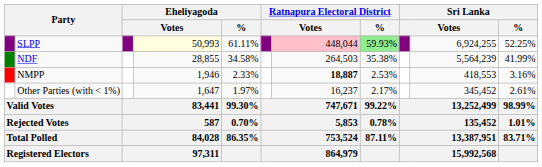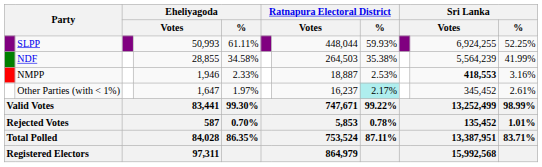 <table class="wikitable">
 <tr>
 <th colspan="2" width="144px"rowspan="2">Party</th>
 <th colspan="3" width="216px">Eheliyagoda</th>
 <th colspan="3" width="216px"><a href='#'>Ratnapura Electoral District</a></th>
 <th colspan="3" width="216px">Sri Lanka</th>
 </tr>
 <tr>
 <th colspan="2" width="144px">Votes</th>
 <th>%</th>
 <th colspan="2" width="144px">Votes</th>
 <th>%</th>
 <th colspan="2" width="144px">Votes</th>
 <th>%</th>
 </tr>
 <tr>
 <td style="background-color:purple;" width="10px"></td>
 <td style="text-align:left;"><a href='#'>SLPP</a></td>
 <td style="background-color:purple;" width="10px"></td>
-<td style="background: lightyellow; text-align:right;">50,993</td>
+<td style="text-align:right;">50,993</td>
 <td style="text-align:right;">61.11%</td>
 <td style="background-color:purple;" width="10px"></td>
-<td style="background: pink; text-align:right;">448,044</td>
-<td style="background: lightgreen; text-align:right;">59.93%</td>
+<td style="text-align:right;">448,044</td>
+<td style="text-align:right;">59.93%</td>
 <td style="background-color:purple;" width="10px"></td>
 <td style="text-align:right;">6,924,255</td>
 <td style="text-align:right;">52.25%</td>
 </tr>
 <tr>
 <td style="background-color:green;" width="10px"></td>
 <td style="text-align:left;"><a href='#'>NDF</a></td>
 <td style="background-color:white;" width="10px"></td>
 <td style="text-align:right;">28,855</td>
 <td style="text-align:right;">34.58%</td>
 <td style="background-color:white;" width="10px"></td>
 <td style="text-align:right;">264,503</td>
 <td style="text-align:right;">35.38%</td>
 <td style="background-color:white;" width="10px"></td>
 <td style="text-align:right;">5,564,239</td>
 <td style="text-align:right;">41.99%</td>
 </tr>
 <tr>
 <td style="background-color:red;" width="10px"></td>
 <td style="text-align:left;">NMPP</td>
 <td style="background-color:white;" width="10px"></td>
 <td style="text-align:right;">1,946</td>
 <td style="text-align:right;">2.33%</td>
 <td style="background-color:white;" width="10px"></td>
-<td style="text-align:right;"><strong>18,887</strong></td>
+<td style="text-align:right;">18,887</td>
 <td style="text-align:right;">2.53%</td>
 <td style="background-color:white;" width="10px"></td>
-<td style="text-align:right;">418,553</td>
+<td style="text-align:right;"><strong>418,553</strong></td>
 <td style="text-align:right;">3.16%</td>
 </tr>
 <tr>
 <td style="background-color:white;" width="10px"></td>
 <td style="text-align:left;">Other Parties (with < 1%)</td>
 <td style="background-color:white;" width="10px"></td>
 <td style="text-align:right;">1,647</td>
 <td style="text-align:right;">1.97%</td>
 <td style="background-color:white;" width="10px"></td>
 <td style="text-align:right;">16,237</td>
-<td style="text-align:right;">2.17%</td>
+<td style="background: paleturquoise; text-align:right;">2.17%</td>
 <td style="background-color:white;" width="10px"></td>
 <td style="text-align:right;">345,452</td>
 <td style="text-align:right;">2.61%</td>
 </tr>
 <tr>
 <th colspan="2" width="144px"style="text-align:left;">Valid Votes</th>
 <th style="text-align:right;"colspan="2" width="144px">83,441</th>
 <th style="text-align:right;">99.30%</th>
 <th style="text-align:right;"colspan="2" width="144px">747,671</th>
 <th style="text-align:right;">99.22%</th>
 <th style="text-align:right;"colspan="2" width="144px">13,252,499</th>
 <th style="text-align:right;">98.99%</th>
 </tr>
 <tr>
 <th colspan="2" width="144px"style="text-align:left;">Rejected Votes</th>
 <th style="text-align:right;"colspan="2" width="144px">587</th>
 <th style="text-align:right;">0.70%</th>
 <th style="text-align:right;"colspan="2" width="144px">5,853</th>
 <th style="text-align:right;">0.78%</th>
 <th style="text-align:right;"colspan="2" width="144px">135,452</th>
 <th style="text-align:right;">1.01%</th>
 </tr>
 <tr>
 <th colspan="2" width="144px"style="text-align:left;">Total Polled</th>
 <th style="text-align:right;"colspan="2" width="144px">84,028</th>
 <th style="text-align:right;">86.35%</th>
 <th style="text-align:right;"colspan="2" width="144px">753,524</th>
 <th style="text-align:right;">87.11%</th>
 <th style="text-align:right;"colspan="2" width="144px">13,387,951</th>
 <th style="text-align:right;">83.71%</th>
 </tr>
 <tr>
 <th colspan="2" width="144px"style="text-align:left;">Registered Electors</th>
 <th style="text-align:right;"colspan="2" width="144px">97,311</th>
 <th></th>
 <th style="text-align:right;"colspan="2" width="144px">864,979</th>
 <th></th>
 <th style="text-align:right;"colspan="2" width="144px">15,992,568</th>
 <th></th>
 </tr>
 </table>
